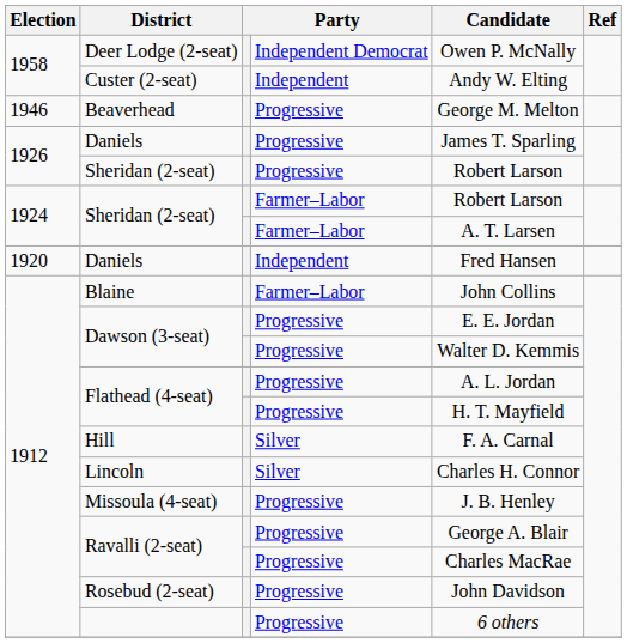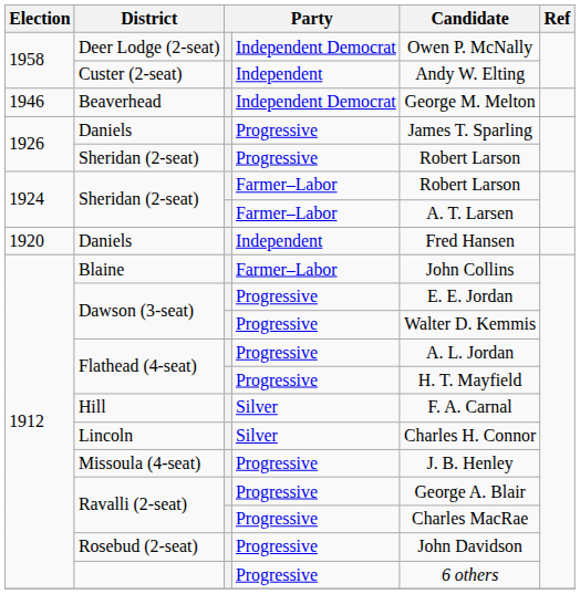 <table class="wikitable sortable">
 <tr>
 <th>Election</th>
 <th>District</th>
 <th colspan=2>Party</th>
 <th>Candidate</th>
 <th>Ref</th>
 </tr>
 <tr>
 <td rowspan=2>1958</td>
 <td>Deer Lodge (2-seat)</td>
 <th style="background-color:"></th>
 <td><a href='#'>Independent Democrat</a></td>
 <td align="center">Owen P. McNally</td>
 <td rowspan=2></td>
 </tr>
 <tr>
 <td>Custer (2-seat)</td>
 <th style="background-color:"></th>
 <td><a href='#'>Independent</a></td>
 <td align="center">Andy W. Elting</td>
 </tr>
 <tr>
 <td>1946</td>
 <td>Beaverhead</td>
 <th style="background-color:"></th>
-<td><a href='#'>Progressive</a></td>
+<td><a href='#'>Independent Democrat</a></td>
 <td align="center">George M. Melton</td>
 <td></td>
 </tr>
 <tr>
 <td rowspan=2>1926</td>
 <td>Daniels</td>
 <th style="background-color:"></th>
 <td><a href='#'>Progressive</a></td>
 <td align="center">James T. Sparling</td>
 <td rowspan=2></td>
 </tr>
 <tr>
 <td>Sheridan (2-seat)</td>
 <th style="background-color:"></th>
 <td><a href='#'>Progressive</a></td>
 <td align="center">Robert Larson</td>
 </tr>
 <tr>
 <td rowspan=2>1924</td>
 <td rowspan=2>Sheridan (2-seat)</td>
 <th style="background-color:"></th>
 <td><a href='#'>Farmer–Labor</a></td>
 <td align="center">Robert Larson</td>
 <td rowspan=2></td>
 </tr>
 <tr>
 <th style="background-color:"></th>
 <td><a href='#'>Farmer–Labor</a></td>
 <td align="center">A. T. Larsen</td>
 </tr>
 <tr>
 <td rowspan=1>1920</td>
 <td>Daniels</td>
 <th style="background-color:"></th>
 <td><a href='#'>Independent</a></td>
 <td align="center">Fred Hansen</td>
 <td></td>
 </tr>
 <tr>
 <td rowspan=12>1912</td>
 <td>Blaine</td>
 <th style="background-color:"></th>
 <td><a href='#'>Farmer–Labor</a></td>
 <td align="center">John Collins</td>
 <td rowspan=12></td>
 </tr>
 <tr>
 <td rowspan=2>Dawson (3-seat)</td>
 <th style="background-color:"></th>
 <td><a href='#'>Progressive</a></td>
 <td align="center">E. E. Jordan</td>
 </tr>
 <tr>
 <th style="background-color:"></th>
 <td><a href='#'>Progressive</a></td>
 <td align="center">Walter D. Kemmis</td>
 </tr>
 <tr>
 <td rowspan=2>Flathead (4-seat)</td>
 <th style="background-color:"></th>
 <td><a href='#'>Progressive</a></td>
 <td align="center">A. L. Jordan</td>
 </tr>
 <tr>
 <th style="background-color:"></th>
 <td><a href='#'>Progressive</a></td>
 <td align="center">H. T. Mayfield</td>
 </tr>
 <tr>
 <td>Hill</td>
 <th style="background-color:"></th>
 <td><a href='#'>Silver</a></td>
 <td align="center">F. A. Carnal</td>
 </tr>
 <tr>
 <td>Lincoln</td>
 <th style="background-color:"></th>
 <td><a href='#'>Silver</a></td>
 <td align="center">Charles H. Connor</td>
 </tr>
 <tr>
 <td>Missoula (4-seat)</td>
 <th style="background-color:"></th>
 <td><a href='#'>Progressive</a></td>
 <td align="center">J. B. Henley</td>
 </tr>
 <tr>
 <td rowspan=2>Ravalli (2-seat)</td>
 <th style="background-color:"></th>
 <td><a href='#'>Progressive</a></td>
 <td align="center">George A. Blair</td>
 </tr>
 <tr>
 <th style="background-color:"></th>
 <td><a href='#'>Progressive</a></td>
 <td align="center">Charles MacRae</td>
 </tr>
 <tr>
 <td>Rosebud (2-seat)</td>
 <th style="background-color:"></th>
 <td><a href='#'>Progressive</a></td>
 <td align="center">John Davidson</td>
 </tr>
 <tr>
 <td></td>
 <th style="background-color:"></th>
 <td><a href='#'>Progressive</a></td>
 <td align="center"><em>6 others</em></td>
 </tr>
 <tr>
 </tr>
 </table>
